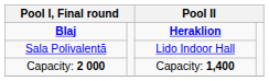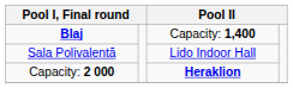 <table class="wikitable" style="text-align: center;">
 <tr>
 <th colspan="2" style="width: 50%;">Pool I, Final round</th>
 <th colspan="2" style="width: 50%;">Pool II</th>
 </tr>
 <tr>
 <td><strong> <a href='#'>Blaj</a></strong></td>
 <td rowspan="3"></td>
-<td><strong> <a href='#'>Heraklion</a></strong></td>
+<td>Capacity: <strong>1,400</strong></td>
 <td rowspan="3"></td>
 </tr>
 <tr>
 <td><a href='#'>Sala Polivalentă</a></td>
 <td><a href='#'>Lido Indoor Hall</a></td>
 </tr>
 <tr>
 <td>Capacity: <strong>2 000</strong></td>
-<td>Capacity: <strong>1,400</strong></td>
+<td><strong> <a href='#'>Heraklion</a></strong></td>
 </tr>
 <tr>
 </tr>
 </table>
